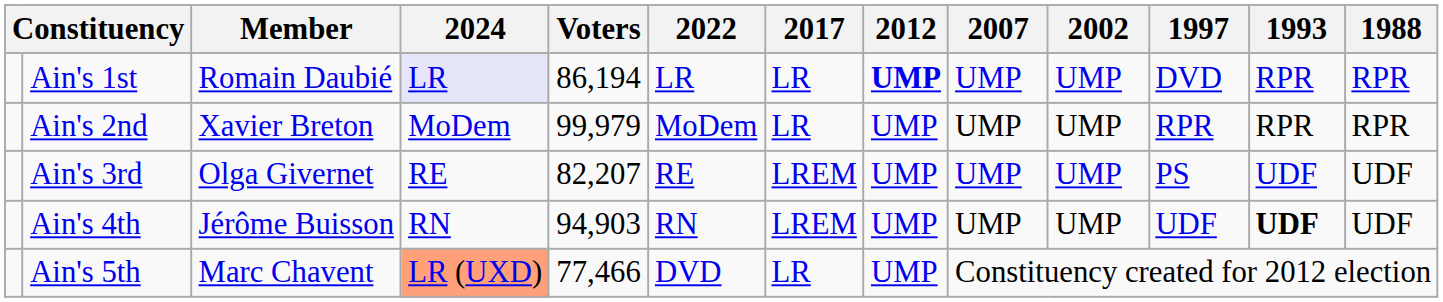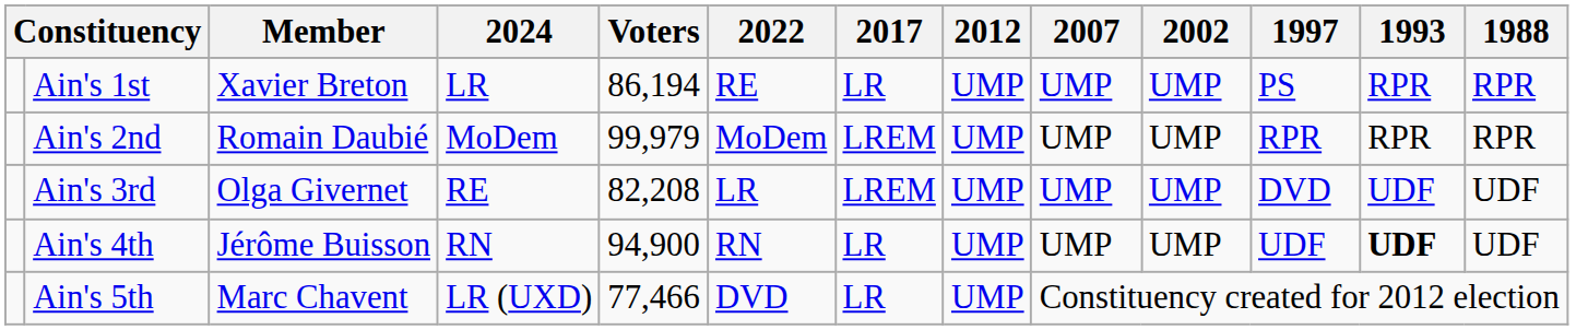 <table class="wikitable sortable">
 <tr>
 <th colspan="2">Constituency</th>
 <th>Member</th>
 <th>2024</th>
 <th>Voters</th>
 <th>2022</th>
 <th>2017</th>
 <th>2012</th>
 <th>2007</th>
 <th>2002</th>
 <th>1997</th>
 <th>1993</th>
 <th>1988</th>
 </tr>
 <tr>
 <td style="background-color: "></td>
 <td><a href='#'>Ain's 1st</a></td>
-<td><a href='#'>Romain Daubié</a></td>
-<td style="background: lavender;"><a href='#'>LR</a></td>
+<td><a href='#'>Xavier Breton</a></td>
+<td><a href='#'>LR</a></td>
 <td>86,194</td>
+<td><a href='#'>RE</a></td>
 <td><a href='#'>LR</a></td>
-<td><a href='#'>LR</a></td>
-<td bgcolor=><strong><a href='#'>UMP</a></strong></td>
 <td bgcolor=><a href='#'>UMP</a></td>
 <td bgcolor=><a href='#'>UMP</a></td>
-<td bgcolor=><a href='#'>DVD</a></td>
+<td bgcolor=><a href='#'>UMP</a></td>
+<td bgcolor=><a href='#'>PS</a></td>
 <td bgcolor=><a href='#'>RPR</a></td>
 <td bgcolor=><a href='#'>RPR</a></td>
 </tr>
 <tr>
 <td style="background-color: "></td>
 <td><a href='#'>Ain's 2nd</a></td>
-<td><a href='#'>Xavier Breton</a></td>
+<td><a href='#'>Romain Daubié</a></td>
 <td><a href='#'>MoDem</a></td>
 <td>99,979</td>
 <td><a href='#'>MoDem</a></td>
-<td><a href='#'>LR</a></td>
+<td><a href='#'>LREM</a></td>
 <td bgcolor=><a href='#'>UMP</a></td>
 <td bgcolor=>UMP</td>
 <td bgcolor=>UMP</td>
 <td bgcolor=><a href='#'>RPR</a></td>
 <td bgcolor=>RPR</td>
 <td bgcolor=>RPR</td>
 </tr>
 <tr>
 <td style="background-color: "></td>
 <td><a href='#'>Ain's 3rd</a></td>
 <td><a href='#'>Olga Givernet</a></td>
 <td><a href='#'>RE</a></td>
-<td>82,207</td>
-<td><a href='#'>RE</a></td>
+<td>82,208</td>
+<td><a href='#'>LR</a></td>
 <td><a href='#'>LREM</a></td>
 <td bgcolor=><a href='#'>UMP</a></td>
 <td bgcolor=><a href='#'>UMP</a></td>
 <td bgcolor=><a href='#'>UMP</a></td>
-<td bgcolor=><a href='#'>PS</a></td>
+<td bgcolor=><a href='#'>DVD</a></td>
 <td bgcolor=><a href='#'>UDF</a></td>
 <td bgcolor=>UDF</td>
 </tr>
 <tr>
 <td style="background-color: "></td>
 <td><a href='#'>Ain's 4th</a></td>
 <td><a href='#'>Jérôme Buisson</a></td>
 <td><a href='#'>RN</a></td>
-<td>94,903</td>
+<td>94,900</td>
 <td><a href='#'>RN</a></td>
-<td><a href='#'>LREM</a></td>
+<td><a href='#'>LR</a></td>
 <td bgcolor=><a href='#'>UMP</a></td>
 <td bgcolor=>UMP</td>
 <td bgcolor=>UMP</td>
 <td bgcolor=><a href='#'>UDF</a></td>
 <td bgcolor=><strong>UDF</strong></td>
 <td bgcolor=>UDF</td>
 </tr>
 <tr>
 <td style="background-color: "></td>
 <td><a href='#'>Ain's 5th</a></td>
 <td><a href='#'>Marc Chavent</a></td>
-<td style="background: lightsalmon;"><a href='#'>LR</a> (<a href='#'>UXD</a>)</td>
+<td><a href='#'>LR</a> (<a href='#'>UXD</a>)</td>
 <td>77,466</td>
 <td><a href='#'>DVD</a></td>
 <td><a href='#'>LR</a></td>
 <td bgcolor=><a href='#'>UMP</a></td>
 <td colspan="5">Constituency created for 2012 election</td>
 </tr>
 </table>
